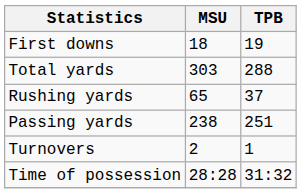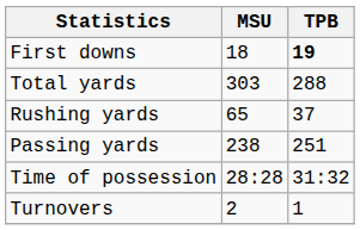 <table class="wikitable" style="float: left;">
 <tr>
 <th>Statistics</th>
 <th>MSU</th>
 <th>TPB</th>
 </tr>
 <tr>
 <td>First downs</td>
 <td>18</td>
-<td>19</td>
+<td><strong>19</strong></td>
 </tr>
 <tr>
 <td>Total yards</td>
 <td>303</td>
 <td>288</td>
 </tr>
 <tr>
 <td>Rushing yards</td>
 <td>65</td>
 <td>37</td>
 </tr>
 <tr>
 <td>Passing yards</td>
 <td>238</td>
 <td>251</td>
 </tr>
 <tr>
+<td>Time of possession</td>
+<td>28:28</td>
+<td>31:32</td>
+</tr>
+<tr>
 <td>Turnovers</td>
 <td>2</td>
 <td>1</td>
 </tr>
 <tr>
-<td>Time of possession</td>
-<td>28:28</td>
-<td>31:32</td>
-</tr>
-<tr>
 </tr>
 </table>
